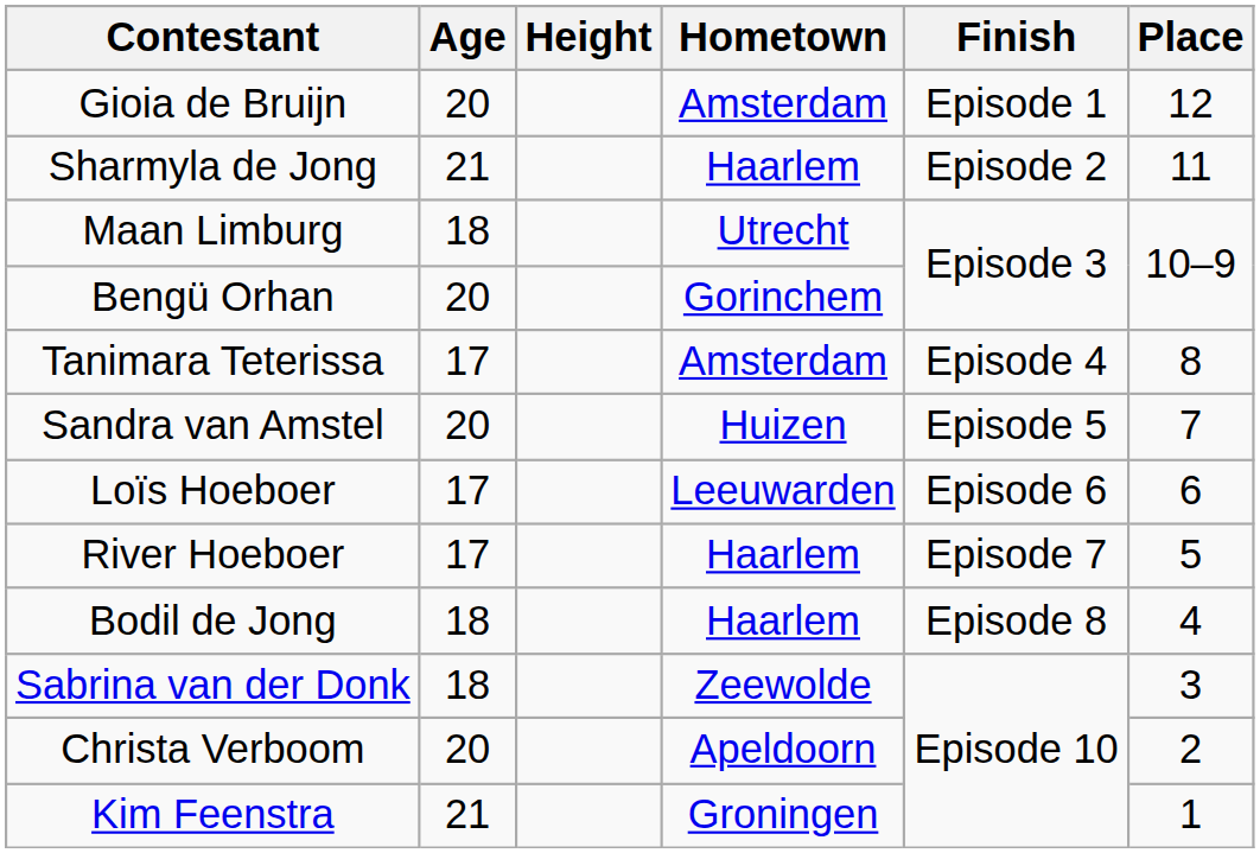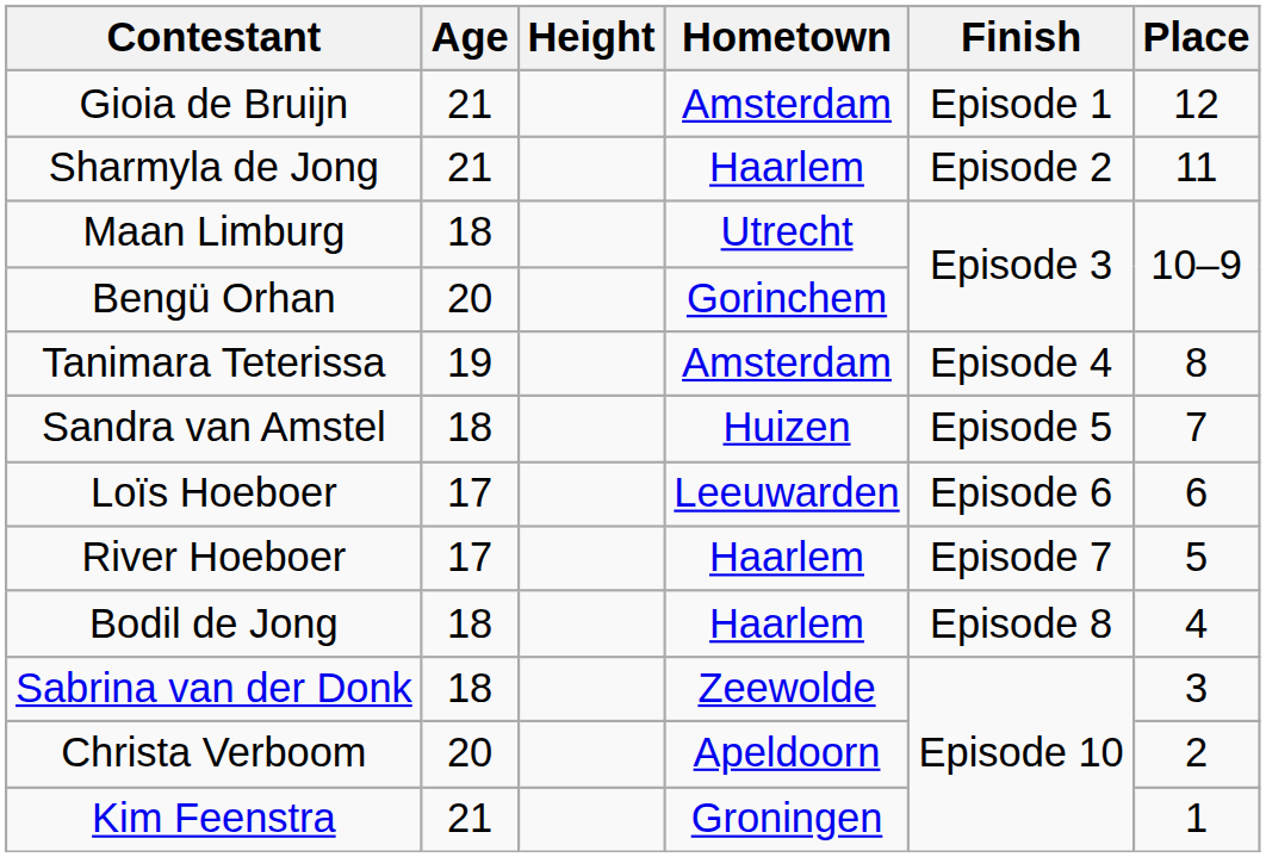 <table class="wikitable sortable" style="text-align:center;">
 <tr>
 <th colspan="1">Contestant</th>
 <th colspan="1">Age</th>
 <th colspan="1">Height</th>
 <th colspan="1">Hometown</th>
 <th colspan="1">Finish</th>
 <th>Place</th>
 </tr>
 <tr>
 <td>Gioia de Bruijn </td>
-<td>20</td>
+<td>21</td>
 <td></td>
 <td><a href='#'>Amsterdam</a></td>
 <td>Episode 1</td>
 <td>12</td>
 </tr>
 <tr>
 <td>Sharmyla de Jong </td>
 <td>21</td>
 <td></td>
 <td><a href='#'>Haarlem</a></td>
 <td>Episode 2</td>
 <td>11</td>
 </tr>
 <tr>
 <td>Maan Limburg</td>
 <td>18</td>
 <td></td>
 <td><a href='#'>Utrecht</a></td>
 <td rowspan="2">Episode 3</td>
 <td rowspan="2">10–9</td>
 </tr>
 <tr>
 <td>Bengü Orhan</td>
 <td>20</td>
 <td></td>
 <td><a href='#'>Gorinchem</a></td>
 </tr>
 <tr>
 <td>Tanimara Teterissa</td>
-<td>17</td>
+<td>19</td>
 <td></td>
 <td><a href='#'>Amsterdam</a></td>
 <td>Episode 4</td>
 <td>8</td>
 </tr>
 <tr>
 <td>Sandra van Amstel</td>
-<td>20</td>
+<td>18</td>
 <td></td>
 <td><a href='#'>Huizen</a></td>
 <td>Episode 5</td>
 <td>7</td>
 </tr>
 <tr>
 <td>Loïs Hoeboer</td>
 <td>17</td>
 <td></td>
 <td><a href='#'>Leeuwarden</a></td>
 <td>Episode 6</td>
 <td>6</td>
 </tr>
 <tr>
 <td>River Hoeboer</td>
 <td>17</td>
 <td></td>
 <td><a href='#'>Haarlem</a></td>
 <td>Episode 7</td>
 <td>5</td>
 </tr>
 <tr>
 <td>Bodil de Jong</td>
 <td>18</td>
 <td></td>
 <td><a href='#'>Haarlem</a></td>
 <td>Episode 8</td>
 <td>4</td>
 </tr>
 <tr>
 <td><a href='#'>Sabrina van der Donk</a></td>
 <td>18</td>
 <td></td>
 <td><a href='#'>Zeewolde</a></td>
 <td rowspan="3">Episode 10</td>
 <td>3</td>
 </tr>
 <tr>
 <td>Christa Verboom</td>
 <td>20</td>
 <td></td>
 <td><a href='#'>Apeldoorn</a></td>
 <td>2</td>
 </tr>
 <tr>
 <td><a href='#'>Kim Feenstra</a></td>
 <td>21</td>
 <td></td>
 <td><a href='#'>Groningen</a></td>
 <td>1</td>
 </tr>
 </table>
